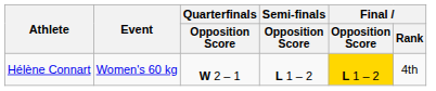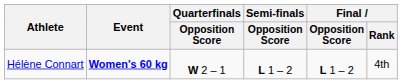 <table class="wikitable" style="font-size:90%">
 <tr>
 <th rowspan=2>Athlete</th>
 <th rowspan=2>Event</th>
 <th>Quarterfinals</th>
 <th>Semi-finals</th>
 <th colspan=2>Final / </th>
 </tr>
 <tr style="font-size:95%">
 <th>Opposition<br>Score</th>
 <th>Opposition<br>Score</th>
 <th>Opposition<br>Score</th>
 <th>Rank</th>
 </tr>
 <tr align=center>
 <td align=left><a href='#'>Hélène Connart</a></td>
-<td align=left><a href='#'>Women's 60 kg</a></td>
+<td align=left><strong><a href='#'>Women's 60 kg</a></strong></td>
 <td><br> <strong>W</strong> 2 – 1</td>
 <td><br> <strong>L</strong> 1 – 2</td>
-<td style="background: gold;"><br>  <strong>L</strong> 1 – 2</td>
+<td><br>  <strong>L</strong> 1 – 2</td>
 <td>4th</td>
 </tr>
 </table>
